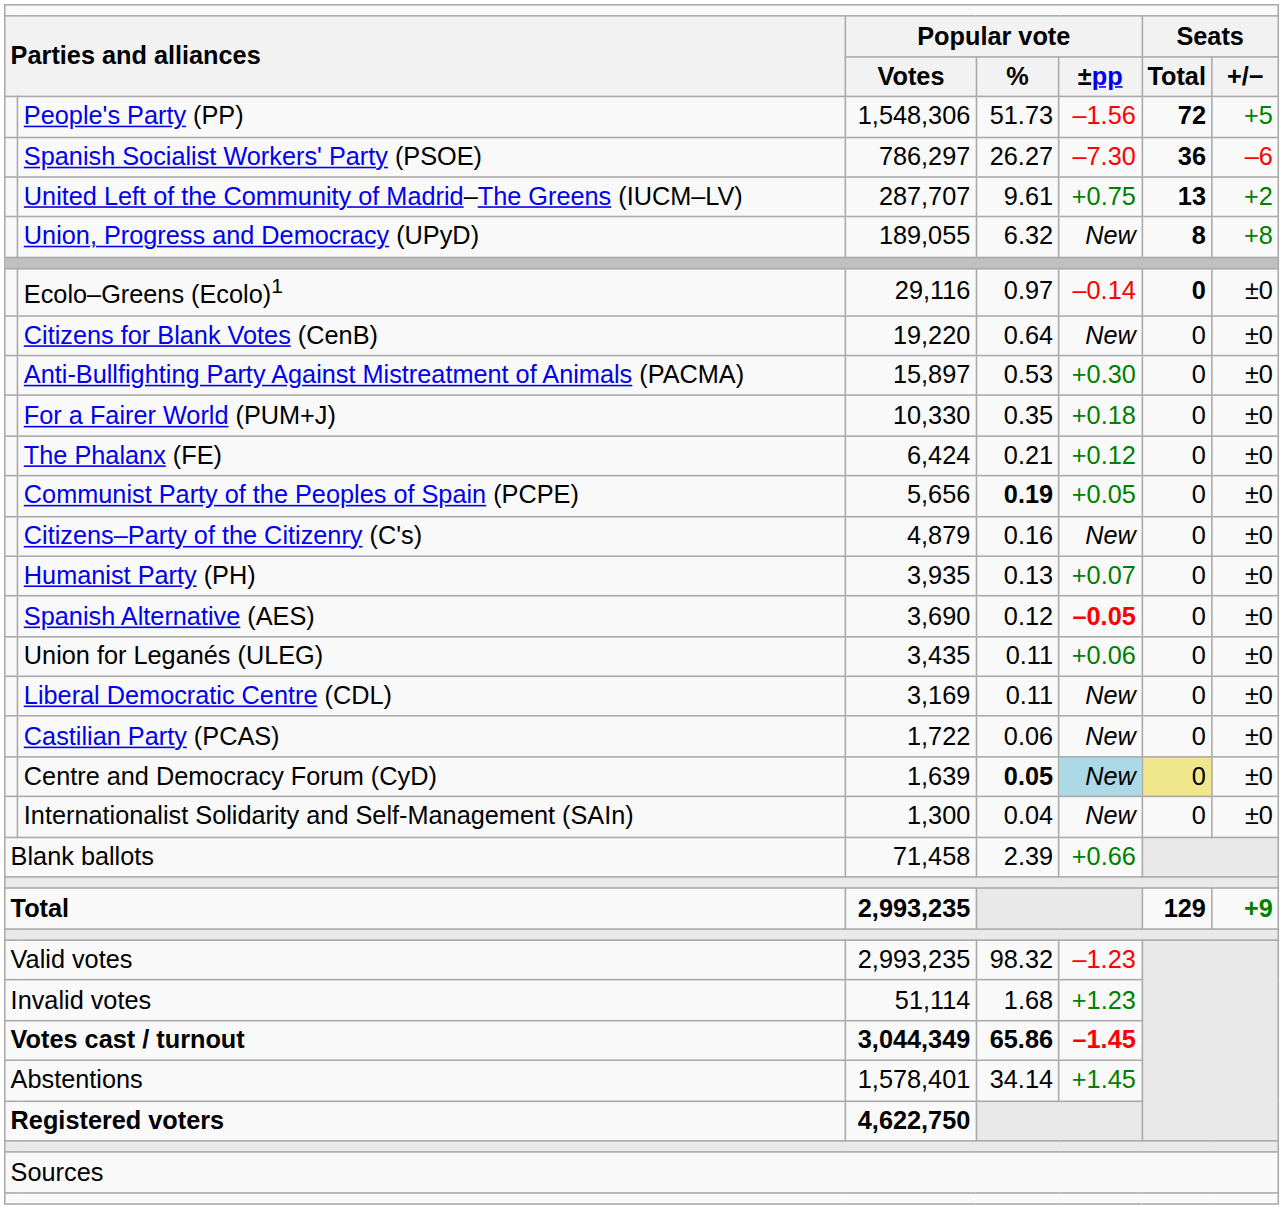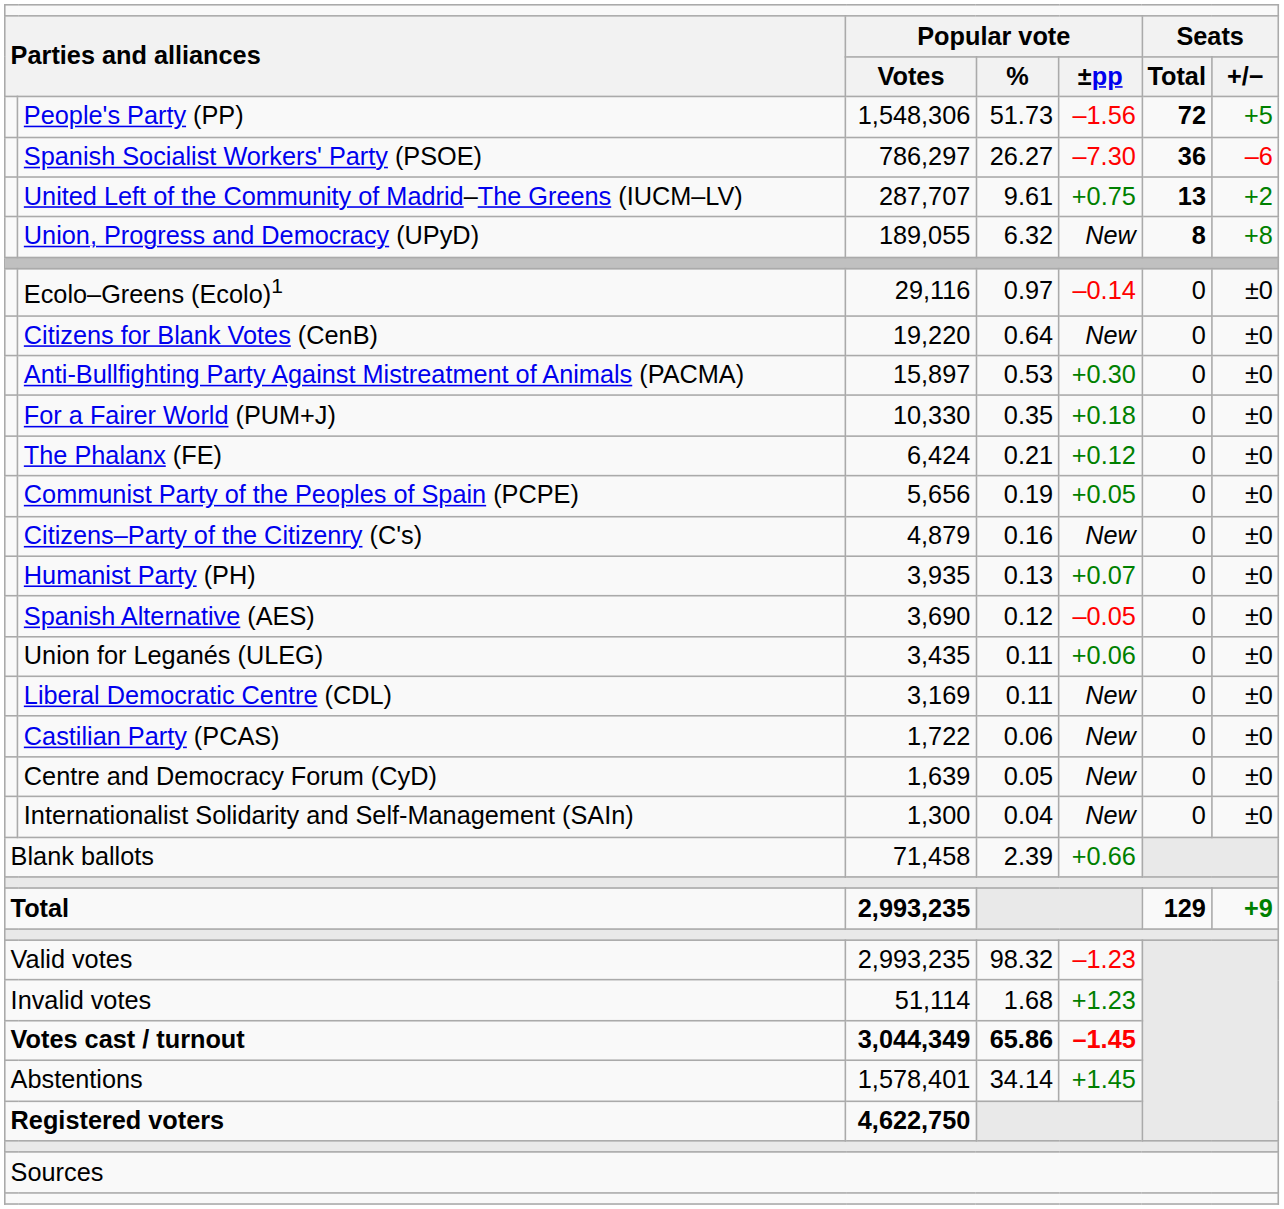 <table class="wikitable" style="text-align:right;">
 <tr>
 <td colspan="7"></td>
 </tr>
 <tr>
 <th style="text-align:left;" rowspan="2" colspan="2" width="525">Parties and alliances</th>
 <th colspan="3">Popular vote</th>
 <th colspan="2">Seats</th>
 </tr>
 <tr>
 <th width="75">Votes</th>
 <th width="45">%</th>
 <th width="45">±<a href='#'>pp</a></th>
 <th width="35">Total</th>
 <th width="35">+/−</th>
 </tr>
 <tr>
 <td width="1" style="color:inherit;background:"></td>
 <td align="left"><a href='#'>People's Party</a> (PP)</td>
 <td>1,548,306</td>
 <td>51.73</td>
 <td style="color:red;">–1.56</td>
 <td><strong>72</strong></td>
 <td style="color:green;">+5</td>
 </tr>
 <tr>
 <td style="color:inherit;background:"></td>
 <td align="left"><a href='#'>Spanish Socialist Workers' Party</a> (PSOE)</td>
 <td>786,297</td>
 <td>26.27</td>
 <td style="color:red;">–7.30</td>
 <td><strong>36</strong></td>
 <td style="color:red;">–6</td>
 </tr>
 <tr>
 <td style="color:inherit;background:"></td>
 <td align="left"><a href='#'>United Left of the Community of Madrid</a>–<a href='#'>The Greens</a> (IUCM–LV)</td>
 <td>287,707</td>
 <td>9.61</td>
 <td style="color:green;">+0.75</td>
 <td><strong>13</strong></td>
 <td style="color:green;">+2</td>
 </tr>
 <tr>
 <td style="color:inherit;background:"></td>
 <td align="left"><a href='#'>Union, Progress and Democracy</a> (UPyD)</td>
 <td>189,055</td>
 <td>6.32</td>
 <td><em>New</em></td>
 <td><strong>8</strong></td>
 <td style="color:green;">+8</td>
 </tr>
 <tr>
 <td colspan="7" bgcolor="#C0C0C0"></td>
 </tr>
 <tr>
 <td style="color:inherit;background:"></td>
 <td align="left">Ecolo–Greens (Ecolo)<sup>1</sup></td>
 <td>29,116</td>
 <td>0.97</td>
 <td style="color:red;">–0.14</td>
-<td><strong>0</strong></td>
+<td>0</td>
 <td>±0</td>
 </tr>
 <tr>
 <td style="color:inherit;background:"></td>
 <td align="left"><a href='#'>Citizens for Blank Votes</a> (CenB)</td>
 <td>19,220</td>
 <td>0.64</td>
 <td><em>New</em></td>
 <td>0</td>
 <td>±0</td>
 </tr>
 <tr>
 <td style="color:inherit;background:"></td>
 <td align="left"><a href='#'>Anti-Bullfighting Party Against Mistreatment of Animals</a> (PACMA)</td>
 <td>15,897</td>
 <td>0.53</td>
 <td style="color:green;">+0.30</td>
 <td>0</td>
 <td>±0</td>
 </tr>
 <tr>
 <td style="color:inherit;background:"></td>
 <td align="left"><a href='#'>For a Fairer World</a> (PUM+J)</td>
 <td>10,330</td>
 <td>0.35</td>
 <td style="color:green;">+0.18</td>
 <td>0</td>
 <td>±0</td>
 </tr>
 <tr>
 <td style="color:inherit;background:"></td>
 <td align="left"><a href='#'>The Phalanx</a> (FE)</td>
 <td>6,424</td>
 <td>0.21</td>
 <td style="color:green;">+0.12</td>
 <td>0</td>
 <td>±0</td>
 </tr>
 <tr>
 <td style="color:inherit;background:"></td>
 <td align="left"><a href='#'>Communist Party of the Peoples of Spain</a> (PCPE)</td>
 <td>5,656</td>
-<td><strong>0.19</strong></td>
+<td>0.19</td>
 <td style="color:green;">+0.05</td>
 <td>0</td>
 <td>±0</td>
 </tr>
 <tr>
 <td style="color:inherit;background:"></td>
 <td align="left"><a href='#'>Citizens–Party of the Citizenry</a> (C's)</td>
 <td>4,879</td>
 <td>0.16</td>
 <td><em>New</em></td>
 <td>0</td>
 <td>±0</td>
 </tr>
 <tr>
 <td style="color:inherit;background:"></td>
 <td align="left"><a href='#'>Humanist Party</a> (PH)</td>
 <td>3,935</td>
 <td>0.13</td>
 <td style="color:green;">+0.07</td>
 <td>0</td>
 <td>±0</td>
 </tr>
 <tr>
 <td style="color:inherit;background:"></td>
 <td align="left"><a href='#'>Spanish Alternative</a> (AES)</td>
 <td>3,690</td>
 <td>0.12</td>
-<td style="color:red;"><strong>–0.05</strong></td>
+<td style="color:red;">–0.05</td>
 <td>0</td>
 <td>±0</td>
 </tr>
 <tr>
 <td style="color:inherit;background:"></td>
 <td align="left">Union for Leganés (ULEG)</td>
 <td>3,435</td>
 <td>0.11</td>
 <td style="color:green;">+0.06</td>
 <td>0</td>
 <td>±0</td>
 </tr>
 <tr>
 <td style="color:inherit;background:"></td>
 <td align="left"><a href='#'>Liberal Democratic Centre</a> (CDL)</td>
 <td>3,169</td>
 <td>0.11</td>
 <td><em>New</em></td>
 <td>0</td>
 <td>±0</td>
 </tr>
 <tr>
 <td style="color:inherit;background:"></td>
 <td align="left"><a href='#'>Castilian Party</a> (PCAS)</td>
 <td>1,722</td>
 <td>0.06</td>
 <td><em>New</em></td>
 <td>0</td>
 <td>±0</td>
 </tr>
 <tr>
 <td style="color:inherit;background:"></td>
 <td align="left">Centre and Democracy Forum (CyD)</td>
 <td>1,639</td>
-<td><strong>0.05</strong></td>
-<td style="background: lightblue;"><em>New</em></td>
-<td style="background: khaki;">0</td>
+<td>0.05</td>
+<td><em>New</em></td>
+<td>0</td>
 <td>±0</td>
 </tr>
 <tr>
 <td style="color:inherit;background:"></td>
 <td align="left">Internationalist Solidarity and Self-Management (SAIn)</td>
 <td>1,300</td>
 <td>0.04</td>
 <td><em>New</em></td>
 <td>0</td>
 <td>±0</td>
 </tr>
 <tr>
 <td align="left" colspan="2">Blank ballots</td>
 <td>71,458</td>
 <td>2.39</td>
 <td style="color:green;">+0.66</td>
 <td bgcolor="#E9E9E9" colspan="2"></td>
 </tr>
 <tr>
 <td colspan="7" bgcolor="#E9E9E9"></td>
 </tr>
 <tr style="font-weight:bold;">
 <td align="left" colspan="2">Total</td>
 <td>2,993,235</td>
 <td bgcolor="#E9E9E9" colspan="2"></td>
 <td>129</td>
 <td style="color:green;">+9</td>
 </tr>
 <tr>
 <td colspan="7" bgcolor="#E9E9E9"></td>
 </tr>
 <tr>
 <td align="left" colspan="2">Valid votes</td>
 <td>2,993,235</td>
 <td>98.32</td>
 <td style="color:red;">–1.23</td>
 <td bgcolor="#E9E9E9" colspan="2" rowspan="5"></td>
 </tr>
 <tr>
 <td align="left" colspan="2">Invalid votes</td>
 <td>51,114</td>
 <td>1.68</td>
 <td style="color:green;">+1.23</td>
 </tr>
 <tr style="font-weight:bold;">
 <td align="left" colspan="2">Votes cast / turnout</td>
 <td>3,044,349</td>
 <td>65.86</td>
 <td style="color:red;">–1.45</td>
 </tr>
 <tr>
 <td align="left" colspan="2">Abstentions</td>
 <td>1,578,401</td>
 <td>34.14</td>
 <td style="color:green;">+1.45</td>
 </tr>
 <tr style="font-weight:bold;">
 <td align="left" colspan="2">Registered voters</td>
 <td>4,622,750</td>
 <td bgcolor="#E9E9E9" colspan="2"></td>
 </tr>
 <tr>
 <td colspan="7" bgcolor="#E9E9E9"></td>
 </tr>
 <tr>
 <td align="left" colspan="7">Sources</td>
 </tr>
 <tr>
 <td colspan="7" style="text-align:left; max-width:790px;"></td>
 </tr>
 </table>
